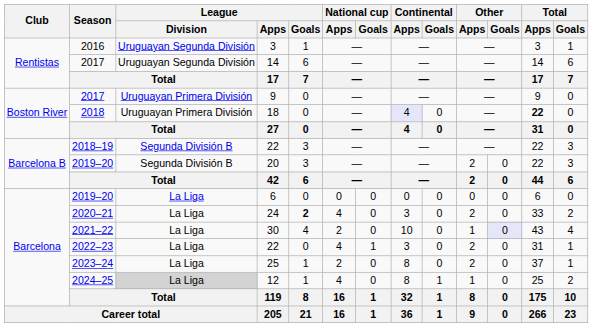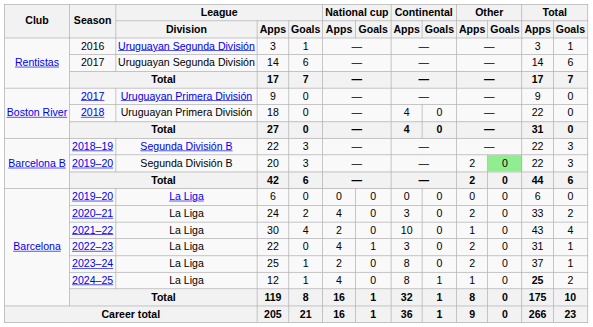 <table class="wikitable" style="text-align:center">
 <tr>
 <th rowspan="2">Club</th>
 <th rowspan="2">Season</th>
 <th colspan="3">League</th>
 <th colspan="2">National cup</th>
 <th colspan="2">Continental</th>
 <th colspan="2">Other</th>
 <th colspan="2">Total</th>
 </tr>
 <tr>
 <th>Division</th>
 <th>Apps</th>
 <th>Goals</th>
 <th>Apps</th>
 <th>Goals</th>
 <th>Apps</th>
 <th>Goals</th>
 <th>Apps</th>
 <th>Goals</th>
 <th>Apps</th>
 <th>Goals</th>
 </tr>
 <tr>
 <td rowspan="3"><a href='#'>Rentistas</a></td>
 <td>2016</td>
 <td><a href='#'>Uruguayan Segunda División</a></td>
 <td>3</td>
 <td>1</td>
 <td colspan="2">—</td>
 <td colspan="2">—</td>
 <td colspan="2">—</td>
 <td>3</td>
 <td>1</td>
 </tr>
 <tr>
 <td>2017</td>
 <td>Uruguayan Segunda División</td>
 <td>14</td>
 <td>6</td>
 <td colspan="2">—</td>
 <td colspan="2">—</td>
 <td colspan="2">—</td>
 <td>14</td>
 <td>6</td>
 </tr>
 <tr>
 <th colspan="2">Total</th>
 <th>17</th>
 <th>7</th>
 <th colspan="2">—</th>
 <th colspan="2">—</th>
 <th colspan="2">—</th>
 <th>17</th>
 <th>7</th>
 </tr>
 <tr>
 <td rowspan="3"><a href='#'>Boston River</a></td>
 <td><a href='#'>2017</a></td>
 <td><a href='#'>Uruguayan Primera División</a></td>
 <td>9</td>
 <td>0</td>
 <td colspan="2">—</td>
 <td colspan="2">—</td>
 <td colspan="2">—</td>
 <td>9</td>
 <td>0</td>
 </tr>
 <tr>
 <td><a href='#'>2018</a></td>
 <td>Uruguayan Primera División</td>
 <td>18</td>
 <td>0</td>
 <td colspan="2">—</td>
-<td style="background: lavender;">4</td>
+<td>4</td>
 <td>0</td>
 <td colspan="2">—</td>
-<td><strong>22</strong></td>
+<td>22</td>
 <td>0</td>
 </tr>
 <tr>
 <th colspan="2">Total</th>
 <th>27</th>
 <th>0</th>
 <th colspan="2">—</th>
 <th>4</th>
 <th>0</th>
 <th colspan="2">—</th>
 <th>31</th>
 <th>0</th>
 </tr>
 <tr>
 <td rowspan="3"><a href='#'>Barcelona B</a></td>
 <td><a href='#'>2018–19</a></td>
 <td><a href='#'>Segunda División B</a></td>
 <td>22</td>
 <td>3</td>
 <td colspan="2">—</td>
 <td colspan="2">—</td>
 <td colspan="2">—</td>
 <td>22</td>
 <td>3</td>
 </tr>
 <tr>
 <td><a href='#'>2019–20</a></td>
 <td>Segunda División B</td>
 <td>20</td>
 <td>3</td>
 <td colspan="2">—</td>
 <td colspan="2">—</td>
 <td>2</td>
-<td>0</td>
+<td style="background: lightgreen;">0</td>
 <td>22</td>
 <td>3</td>
 </tr>
 <tr>
 <th colspan="2">Total</th>
 <th>42</th>
 <th>6</th>
 <th colspan="2">—</th>
 <th colspan="2">—</th>
 <th>2</th>
 <th>0</th>
 <th>44</th>
 <th>6</th>
 </tr>
 <tr>
 <td rowspan="7"><a href='#'>Barcelona</a></td>
 <td><a href='#'>2019–20</a></td>
 <td><a href='#'>La Liga</a></td>
 <td>6</td>
 <td>0</td>
 <td>0</td>
 <td>0</td>
 <td>0</td>
 <td>0</td>
 <td>0</td>
 <td>0</td>
 <td>6</td>
 <td>0</td>
 </tr>
 <tr>
 <td><a href='#'>2020–21</a></td>
 <td>La Liga</td>
 <td>24</td>
-<td><strong>2</strong></td>
+<td>2</td>
 <td>4</td>
 <td>0</td>
 <td>3</td>
 <td>0</td>
 <td>2</td>
 <td>0</td>
 <td>33</td>
 <td>2</td>
 </tr>
 <tr>
 <td><a href='#'>2021–22</a></td>
 <td>La Liga</td>
 <td>30</td>
 <td>4</td>
 <td>2</td>
 <td>0</td>
 <td>10</td>
 <td>0</td>
 <td>1</td>
-<td style="background: lavender;">0</td>
+<td>0</td>
 <td>43</td>
 <td>4</td>
 </tr>
 <tr>
 <td><a href='#'>2022–23</a></td>
 <td>La Liga</td>
 <td>22</td>
 <td>0</td>
 <td>4</td>
 <td>1</td>
 <td>3</td>
 <td>0</td>
 <td>2</td>
 <td>0</td>
 <td>31</td>
 <td>1</td>
 </tr>
 <tr>
 <td><a href='#'>2023–24</a></td>
 <td>La Liga</td>
 <td>25</td>
 <td>1</td>
 <td>2</td>
 <td>0</td>
 <td>8</td>
 <td>0</td>
 <td>2</td>
 <td>0</td>
 <td>37</td>
 <td>1</td>
 </tr>
 <tr>
 <td><a href='#'>2024–25</a></td>
-<td style="background: lightgrey;">La Liga</td>
+<td>La Liga</td>
 <td>12</td>
 <td>1</td>
 <td>4</td>
 <td>0</td>
 <td>8</td>
 <td>1</td>
 <td>1</td>
 <td>0</td>
-<td>25</td>
+<td><strong>25</strong></td>
 <td>2</td>
 </tr>
 <tr>
 <th colspan="2">Total</th>
 <th>119</th>
 <th>8</th>
 <th>16</th>
 <th>1</th>
 <th>32</th>
 <th>1</th>
 <th>8</th>
 <th>0</th>
 <th>175</th>
 <th>10</th>
 </tr>
 <tr>
 <th colspan="3">Career total</th>
 <th>205</th>
 <th>21</th>
 <th>16</th>
 <th>1</th>
 <th>36</th>
 <th>1</th>
 <th>9</th>
 <th>0</th>
 <th>266</th>
 <th>23</th>
 </tr>
 </table>
